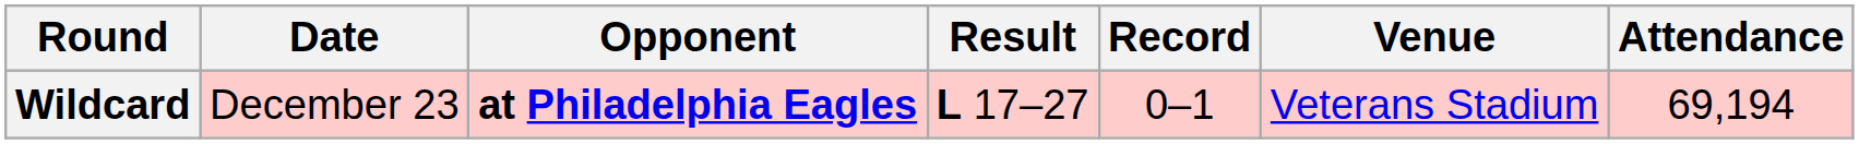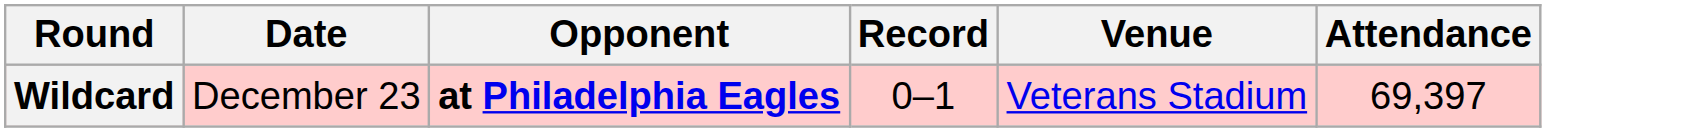 <table class="wikitable" style="text-align:center">
 <tr>
 <th>Round</th>
 <th>Date</th>
 <th>Opponent</th>
-<th>Result</th>
 <th>Record</th>
 <th>Venue</th>
 <th>Attendance</th>
 </tr>
 <tr style="background:#fcc">
 <th>Wildcard</th>
 <td>December 23</td>
 <td><strong>at <a href='#'>Philadelphia Eagles</a></strong></td>
-<td><strong>L</strong> 17–27</td>
 <td>0–1</td>
 <td><a href='#'>Veterans Stadium</a></td>
-<td>69,194</td>
+<td>69,397</td>
 </tr>
 </table>
